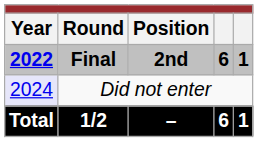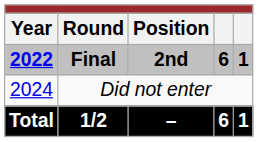 <table class="wikitable" style="text-align: center;">
 <tr>
 <th style="background:#99292D;" colspan="5"><a href='#'></a></th>
 </tr>
 <tr>
 <th>Year</th>
 <th>Round</th>
 <th>Position</th>
 <th></th>
 <th></th>
 </tr>
 <tr style="background:#C0C0C0;">
 <td><strong> <a href='#'>2022</a></strong></td>
 <td><strong>Final</strong></td>
 <td><strong>2nd</strong></td>
 <td><strong>6</strong></td>
 <td><strong>1</strong></td>
 </tr>
 <tr>
-<td style="background: lavender;"> <a href='#'>2024</a></td>
+<td> <a href='#'>2024</a></td>
 <td colspan=6><em>Did not enter</em></td>
 </tr>
 <tr>
 <th style="color:white; background:#000000;">Total</th>
 <th style="color:white; background:#000000;">1/2</th>
 <th style="color:white; background:#000000;">–</th>
 <th style="color:white; background:#000000;">6</th>
 <th style="color:white; background:#000000;">1</th>
 </tr>
 </table>
